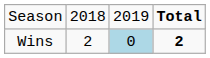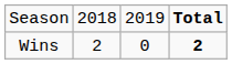 <table class="wikitable sortable">
 <tr>
 <td>Season</td>
 <td>2018</td>
 <td>2019</td>
 <td><strong>Total</strong></td>
 </tr>
 <tr align="center">
 <td>Wins</td>
 <td>2</td>
-<td style="background: lightblue;">0</td>
+<td>0</td>
 <td><strong>2</strong></td>
 </tr>
 </table>
